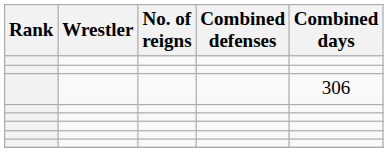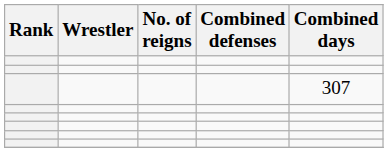 <table class="wikitable sortable" style="text-align:center">
 <tr>
 <th>Rank</th>
 <th>Wrestler</th>
 <th>No. of<br>reigns</th>
 <th>Combined<br>defenses</th>
 <th>Combined<br>days</th>
 </tr>
 <tr>
 <th></th>
 <td></td>
 <td></td>
 <td></td>
 <td></td>
 </tr>
 <tr>
 <th></th>
 <td></td>
 <td></td>
 <td></td>
 <td></td>
 </tr>
 <tr>
 <th></th>
 <td></td>
 <td></td>
 <td></td>
-<td>306</td>
+<td>307</td>
 </tr>
 <tr>
 <th></th>
 <td></td>
 <td></td>
 <td></td>
 <td></td>
 </tr>
 <tr>
 <th></th>
 <td></td>
 <td></td>
 <td></td>
 <td></td>
 </tr>
 <tr>
 <th></th>
 <td></td>
 <td></td>
 <td></td>
 <td></td>
 </tr>
 <tr>
 <th></th>
 <td></td>
 <td></td>
 <td></td>
 <td></td>
 </tr>
 <tr>
 <th></th>
 <td></td>
 <td></td>
 <td></td>
 <td></td>
 </tr>
 <tr>
 </tr>
 </table>
